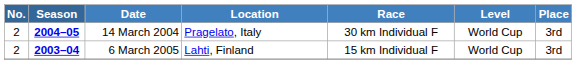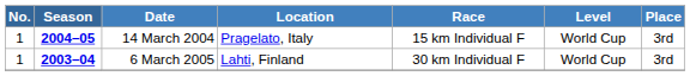 <table class="wikitable sortable" style="font-size:95%; text-align:center; border:grey solid 1px; border-collapse:collapse; background:#ffffff;">
 <tr style="background:#efefef;">
 <th style="background-color:#369; color:white;">No.</th>
 <th style="background-color:#369; color:white;">Season</th>
 <th style="background-color:#4180be; color:white; width:120px;">Date</th>
 <th style="background-color:#4180be; color:white; width:185px;">Location</th>
 <th style="background-color:#4180be; color:white; width:160px;">Race</th>
 <th style="background-color:#4180be; color:white; width:100px;">Level</th>
 <th style="background-color:#4180be; color:white;">Place</th>
 </tr>
 <tr>
-<td align=center>2</td>
+<td align=center>1</td>
 <td rowspan=1 align=center><strong> <a href='#'>2004–05</a> </strong></td>
 <td align=right>14 March 2004</td>
 <td align=left> <a href='#'>Pragelato</a>, Italy</td>
-<td>30 km Individual F</td>
+<td>15 km Individual F</td>
 <td>World Cup</td>
 <td>3rd</td>
 </tr>
 <tr>
-<td align=center>2</td>
+<td align=center>1</td>
 <td rowspan=1 align=center><strong> <a href='#'>2003–04</a> </strong></td>
 <td align=right>6 March 2005</td>
 <td align=left> <a href='#'>Lahti</a>, Finland</td>
-<td>15 km Individual F</td>
+<td>30 km Individual F</td>
 <td>World Cup</td>
 <td>3rd</td>
 </tr>
 <tr>
 </tr>
 </table>
